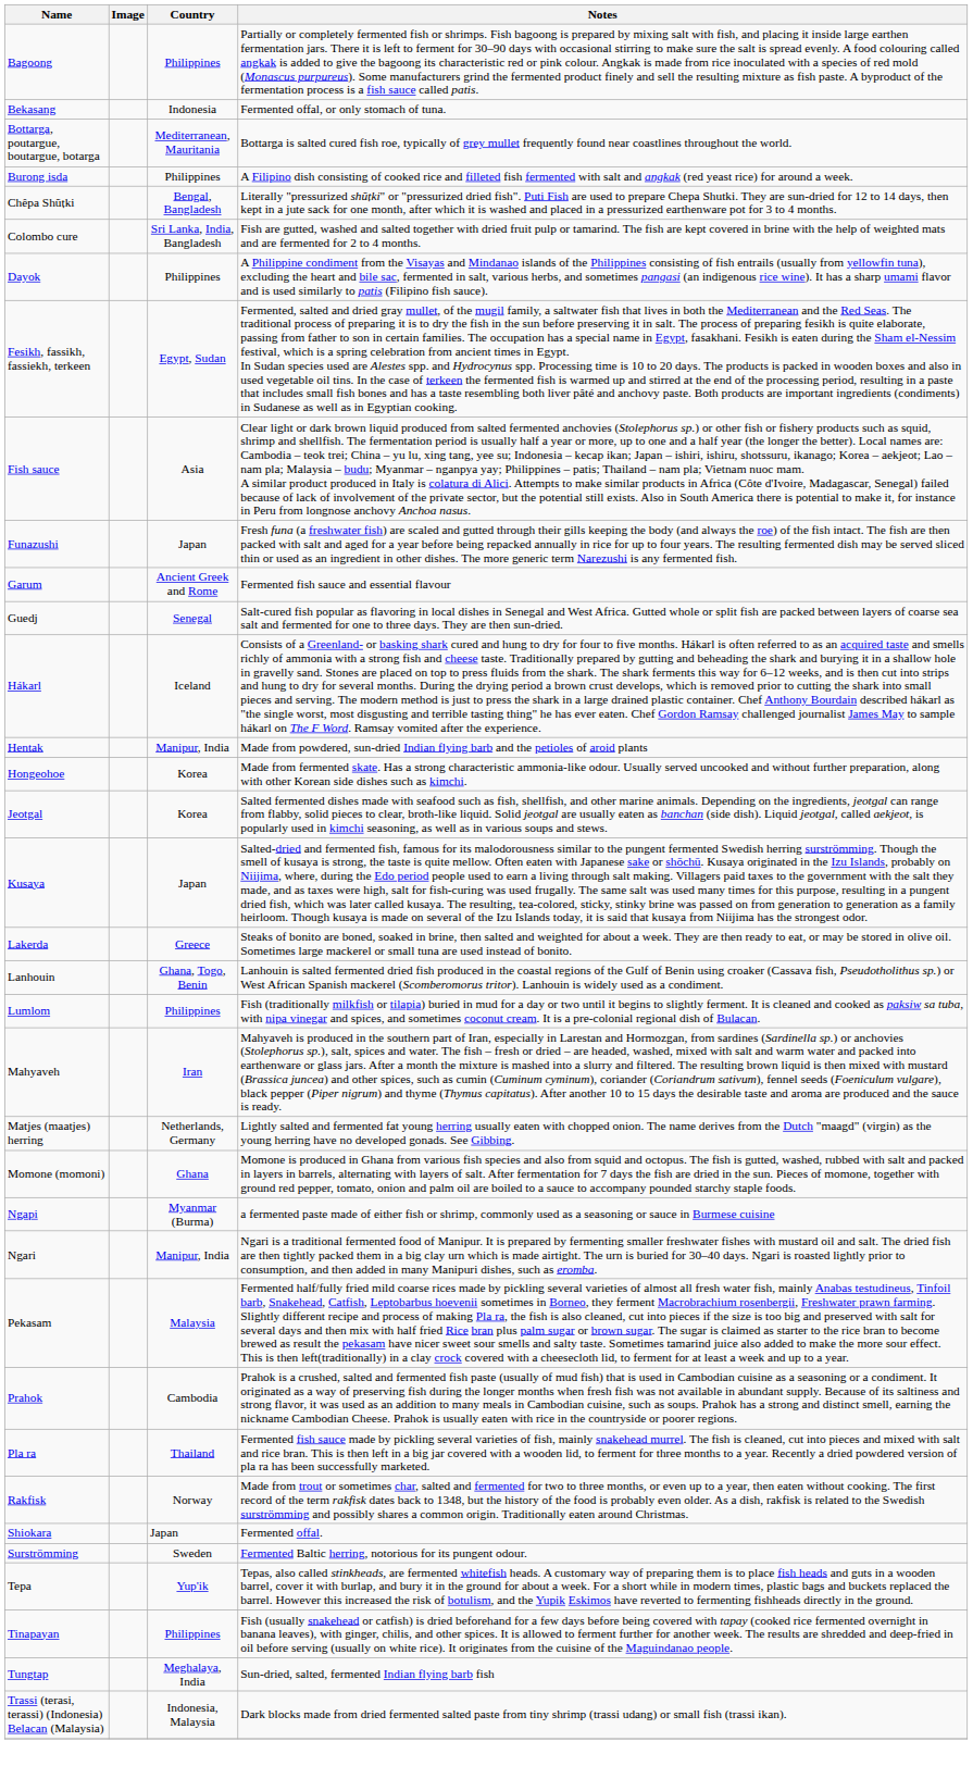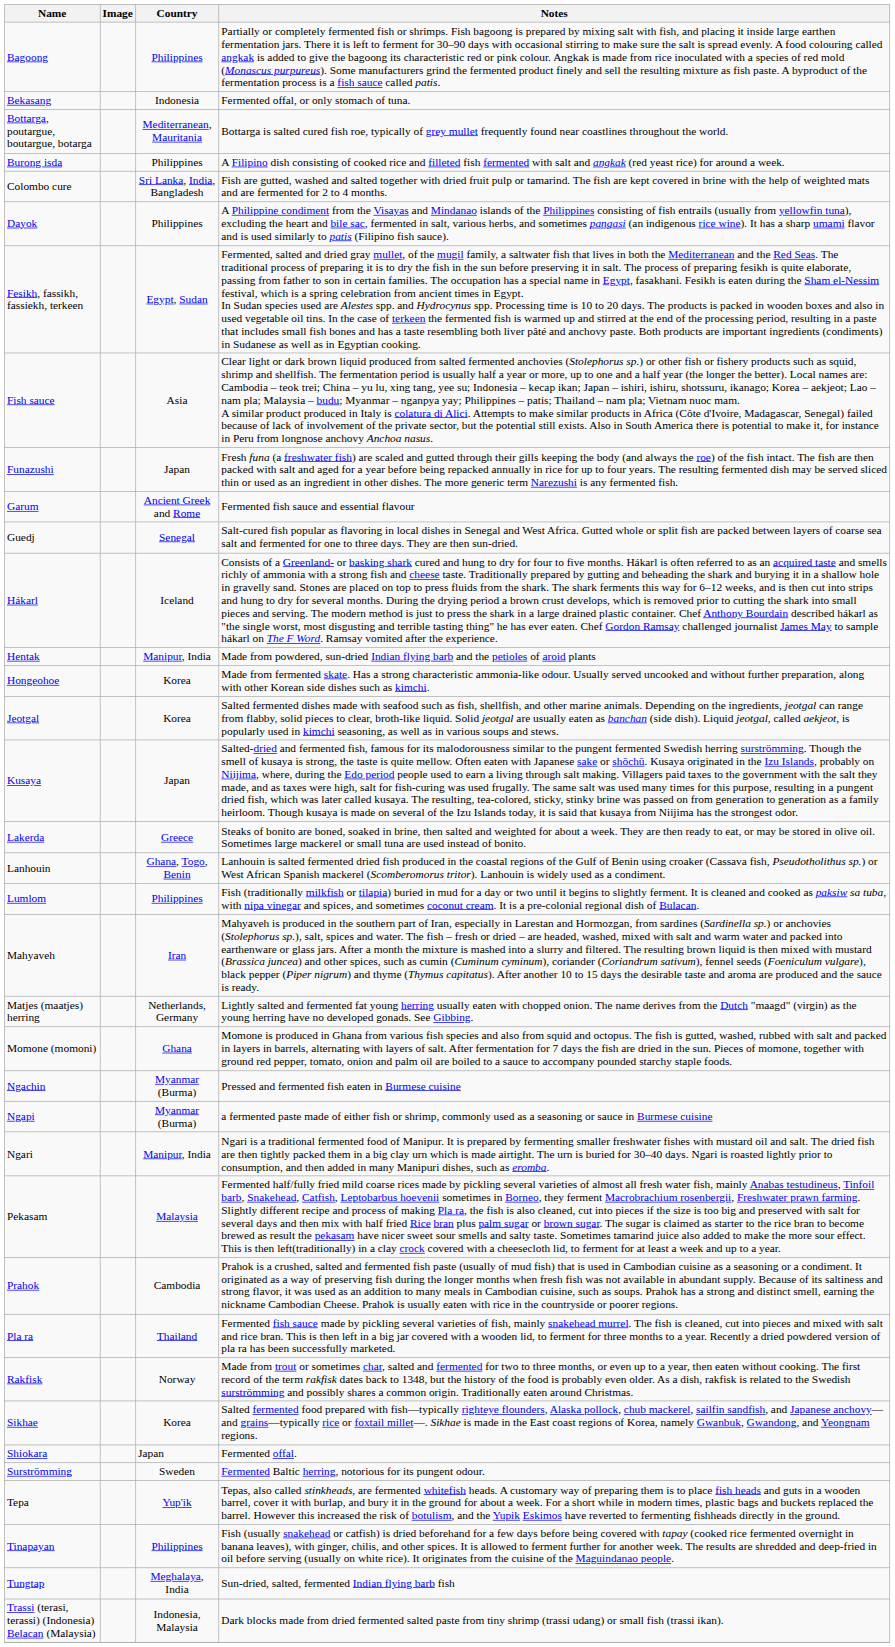 <table class="wikitable sortable">
 <tr>
 <th>Name</th>
 <th>Image</th>
 <th>Country</th>
 <th>Notes</th>
 </tr>
 <tr>
 <td><a href='#'>Bagoong</a></td>
 <td></td>
 <td align=center><a href='#'>Philippines</a></td>
 <td>Partially or completely fermented fish or shrimps. Fish bagoong is prepared by mixing salt with fish, and placing it inside large earthen fermentation jars. There it is left to ferment for 30–90 days with occasional stirring to make sure the salt is spread evenly. A food colouring called <a href='#'>angkak</a> is added to give the bagoong its characteristic red or pink colour. Angkak is made from rice inoculated with a species of red mold (<em><a href='#'>Monascus purpureus</a></em>). Some manufacturers grind the fermented product finely and sell the resulting mixture as fish paste. A byproduct of the fermentation process is a <a href='#'>fish sauce</a> called <em>patis</em>.</td>
 </tr>
 <tr>
 <td><a href='#'>Bekasang</a></td>
 <td></td>
 <td align=center>Indonesia</td>
 <td>Fermented offal, or only stomach of tuna.</td>
 </tr>
 <tr>
 <td><a href='#'>Bottarga</a>, poutargue, boutargue, botarga</td>
 <td></td>
 <td align=center><a href='#'>Mediterranean</a>, <a href='#'>Mauritania</a></td>
 <td>Bottarga is salted cured fish roe, typically of <a href='#'>grey mullet</a> frequently found near coastlines throughout the world.</td>
 </tr>
 <tr>
 <td><a href='#'>Burong isda</a></td>
 <td></td>
 <td align=center>Philippines</td>
 <td>A <a href='#'>Filipino</a> dish consisting of cooked rice and <a href='#'>filleted</a> fish <a href='#'>fermented</a> with salt and <em><a href='#'>angkak</a></em> (red yeast rice) for around a week.</td>
-</tr>
-<tr>
-<td>Chêpa Shũṭki</td>
-<td></td>
-<td align=center><a href='#'>Bengal</a>, <a href='#'>Bangladesh</a></td>
-<td>Literally "pressurized <em>shũṭki</em>" or "pressurized dried fish". <a href='#'>Puti Fish</a> are used to prepare Chepa Shutki. They are sun-dried for 12 to 14 days, then kept in a jute sack for one month, after which it is washed and placed in a pressurized earthenware pot for 3 to 4 months.</td>
 </tr>
 <tr>
 <td>Colombo cure</td>
 <td></td>
 <td align=center><a href='#'>Sri Lanka</a>, <a href='#'>India</a>, Bangladesh</td>
 <td>Fish are gutted, washed and salted together with dried fruit pulp or tamarind. The fish are kept covered in brine with the help of weighted mats and are fermented for 2 to 4 months.</td>
 </tr>
 <tr>
 <td><a href='#'>Dayok</a></td>
 <td></td>
 <td align=center>Philippines</td>
 <td>A <a href='#'>Philippine condiment</a> from the <a href='#'>Visayas</a> and <a href='#'>Mindanao</a> islands of the <a href='#'>Philippines</a> consisting of fish entrails (usually from <a href='#'>yellowfin tuna</a>), excluding the heart and <a href='#'>bile sac</a>, fermented in salt, various herbs, and sometimes <em><a href='#'>pangasi</a></em> (an indigenous <a href='#'>rice wine</a>). It has a sharp <a href='#'>umami</a> flavor and is used similarly to <em><a href='#'>patis</a></em> (Filipino fish sauce).</td>
 </tr>
 <tr>
 <td><a href='#'>Fesikh</a>, fassikh, fassiekh, terkeen</td>
 <td></td>
 <td align=center><a href='#'>Egypt</a>, <a href='#'>Sudan</a></td>
 <td>Fermented, salted and dried gray <a href='#'>mullet</a>, of the <a href='#'>mugil</a> family, a saltwater fish that lives in both the <a href='#'>Mediterranean</a> and the <a href='#'>Red Seas</a>. The traditional process of preparing it is to dry the fish in the sun before preserving it in salt. The process of preparing fesikh is quite elaborate, passing from father to son in certain families. The occupation has a special name in <a href='#'>Egypt</a>, fasakhani. Fesikh is eaten during the <a href='#'>Sham el-Nessim</a> festival, which is a spring celebration from ancient times in Egypt.<br>In Sudan species used are <em>Alestes</em> spp. and <em>Hydrocynus</em> spp. Processing time is 10 to 20 days. The products is packed in wooden boxes and also in used vegetable oil tins. In the case of <a href='#'>terkeen</a> the fermented fish is warmed up and stirred at the end of the processing period, resulting in a paste that includes small fish bones and has a taste resembling both liver pâté and anchovy paste. Both products are important ingredients (condiments) in Sudanese as well as in Egyptian cooking.</td>
 </tr>
 <tr>
 <td><a href='#'>Fish sauce</a></td>
 <td></td>
 <td align=center>Asia</td>
 <td>Clear light or dark brown liquid produced from salted fermented anchovies (<em>Stolephorus sp.</em>) or other fish or fishery products such as squid, shrimp and shellfish. The fermentation period is usually half a year or more, up to one and a half year (the longer the better). Local names are: Cambodia – teok trei; China – yu lu, xing tang, yee su; Indonesia – kecap ikan; Japan – ishiri, ishiru, shotssuru, ikanago; Korea – aekjeot; Lao – nam pla; Malaysia – <a href='#'>budu</a>; Myanmar – nganpya yay; Philippines – patis; Thailand – nam pla; Vietnam  nuoc mam.<br>A similar product produced in Italy is <a href='#'>colatura di Alici</a>. Attempts to make similar products in Africa (Côte d'Ivoire, Madagascar, Senegal) failed because of lack of involvement of the private sector, but the potential still exists. Also in South America there is potential to make it, for instance in Peru from longnose anchovy <em>Anchoa nasus</em>.</td>
 </tr>
 <tr>
 <td><a href='#'>Funazushi</a></td>
 <td></td>
 <td align=center>Japan</td>
 <td>Fresh <em>funa</em> (a <a href='#'>freshwater fish</a>) are scaled and gutted through their gills keeping the body (and always the <a href='#'>roe</a>) of the fish intact. The fish are then packed with salt and aged for a year before being repacked annually in rice for up to four years. The resulting fermented dish may be served sliced thin or used as an ingredient in other dishes. The more generic term <a href='#'>Narezushi</a> is any fermented fish.</td>
 </tr>
 <tr>
 <td><a href='#'>Garum</a></td>
 <td></td>
 <td align=center><a href='#'>Ancient Greek</a> and <a href='#'>Rome</a></td>
 <td>Fermented fish sauce and essential flavour</td>
 </tr>
 <tr>
 <td>Guedj</td>
 <td></td>
 <td align=center><a href='#'>Senegal</a></td>
 <td>Salt-cured fish popular as flavoring in local dishes in Senegal and West Africa. Gutted whole or split fish are packed between layers of coarse sea salt and fermented for one to three days. They are then sun-dried.</td>
 </tr>
 <tr>
 <td><a href='#'>Hákarl</a></td>
 <td></td>
 <td align=center>Iceland</td>
 <td>Consists of a <a href='#'>Greenland-</a> or <a href='#'>basking shark</a> cured and hung to dry for four to five months. Hákarl is often referred to as an <a href='#'>acquired taste</a> and smells richly of ammonia with a strong fish and <a href='#'>cheese</a> taste. Traditionally prepared by gutting and beheading the shark and burying it in a shallow hole in gravelly sand. Stones are placed on top to press fluids from the shark. The shark ferments this way for 6–12 weeks, and is then cut into strips and hung to dry for several months. During the drying period a brown crust develops, which is removed prior to cutting the shark into small pieces and serving. The modern method is just to press the shark in a large drained plastic container. Chef <a href='#'>Anthony Bourdain</a> described hákarl as "the single worst, most disgusting and terrible tasting thing" he has ever eaten. Chef <a href='#'>Gordon Ramsay</a> challenged journalist <a href='#'>James May</a> to sample hákarl on <em><a href='#'>The F Word</a></em>. Ramsay vomited after the experience.</td>
 </tr>
 <tr>
 <td><a href='#'>Hentak</a></td>
 <td></td>
 <td align=center><a href='#'>Manipur</a>, India</td>
 <td>Made from powdered, sun-dried <a href='#'>Indian flying barb</a> and the <a href='#'>petioles</a> of <a href='#'>aroid</a> plants</td>
 </tr>
 <tr>
 <td><a href='#'>Hongeohoe</a></td>
 <td></td>
 <td align=center>Korea</td>
 <td>Made from fermented <a href='#'>skate</a>. Has a strong characteristic ammonia-like odour. Usually served uncooked and without further preparation, along with other Korean side dishes such as <a href='#'>kimchi</a>.</td>
 </tr>
 <tr>
 <td><a href='#'>Jeotgal</a></td>
 <td></td>
 <td align=center>Korea</td>
 <td>Salted fermented dishes made with seafood such as fish, shellfish, and other marine animals. Depending on the ingredients, <em>jeotgal</em> can range from flabby, solid pieces to clear, broth-like liquid. Solid <em>jeotgal</em> are usually eaten as <em><a href='#'>banchan</a></em> (side dish). Liquid <em>jeotgal</em>, called <em>aekjeot</em>, is popularly used in <a href='#'>kimchi</a> seasoning, as well as in various soups and stews.</td>
 </tr>
 <tr>
 <td><a href='#'>Kusaya</a></td>
 <td></td>
 <td align=center>Japan</td>
 <td>Salted-<a href='#'>dried</a> and fermented fish, famous for its malodorousness similar to the pungent fermented Swedish herring <a href='#'>surströmming</a>. Though the smell of kusaya is strong, the taste is quite mellow. Often eaten with Japanese <a href='#'>sake</a> or <a href='#'>shōchū</a>. Kusaya originated in the <a href='#'>Izu Islands</a>, probably on <a href='#'>Niijima</a>, where, during the <a href='#'>Edo period</a> people used to earn a living through salt making. Villagers paid taxes to the government with the salt they made, and as taxes were high, salt for fish-curing was used frugally. The same salt was used many times for this purpose, resulting in a pungent dried fish, which was later called kusaya. The resulting, tea-colored, sticky, stinky brine was passed on from generation to generation as a family heirloom. Though kusaya is made on several of the Izu Islands today, it is said that kusaya from Niijima has the strongest odor.</td>
 </tr>
 <tr>
 <td><a href='#'>Lakerda</a></td>
 <td></td>
 <td align=center><a href='#'>Greece</a></td>
 <td>Steaks of bonito are boned, soaked in brine, then salted and weighted for about a week. They are then ready to eat, or may be stored in olive oil. Sometimes large mackerel or small tuna are used instead of bonito.</td>
 </tr>
 <tr>
 <td>Lanhouin</td>
 <td></td>
 <td align=center><a href='#'>Ghana</a>, <a href='#'>Togo</a>, <a href='#'>Benin</a></td>
 <td>Lanhouin is salted fermented dried fish produced in the coastal regions of the Gulf of Benin using croaker (Cassava fish, <em>Pseudotholithus sp.</em>) or West African Spanish mackerel (<em>Scomberomorus tritor</em>). Lanhouin is widely used as a condiment.</td>
 </tr>
 <tr>
 <td><a href='#'>Lumlom</a></td>
 <td></td>
 <td align=center><a href='#'>Philippines</a></td>
 <td>Fish (traditionally <a href='#'>milkfish</a> or <a href='#'>tilapia</a>) buried in mud for a day or two until it begins to slightly ferment. It is cleaned and cooked as <em><a href='#'>paksiw</a> sa tuba</em>, with <a href='#'>nipa vinegar</a> and spices, and sometimes <a href='#'>coconut cream</a>. It is a pre-colonial regional dish of <a href='#'>Bulacan</a>.</td>
 </tr>
 <tr>
 <td>Mahyaveh</td>
 <td></td>
 <td align=center><a href='#'>Iran</a></td>
 <td>Mahyaveh is produced in the southern part of Iran, especially in Larestan and Hormozgan, from sardines (<em>Sardinella sp.</em>) or anchovies (<em>Stolephorus sp.</em>), salt, spices and water. The fish – fresh or dried – are headed, washed, mixed with salt and warm water and packed into earthenware or glass jars. After a month the mixture is mashed into a slurry and filtered. The resulting brown liquid is then mixed with mustard (<em>Brassica juncea</em>) and other spices, such as cumin (<em>Cuminum cyminum</em>), coriander (<em>Coriandrum sativum</em>), fennel seeds (<em>Foeniculum vulgare</em>), black pepper (<em>Piper nigrum</em>) and thyme (<em>Thymus capitatus</em>). After another 10 to 15 days the desirable taste and aroma are produced and the sauce is ready.</td>
 </tr>
 <tr>
 <td>Matjes (maatjes) herring</td>
 <td></td>
 <td align=center>Netherlands, Germany</td>
 <td>Lightly salted and fermented fat young <a href='#'>herring</a> usually eaten with chopped onion. The name derives from the <a href='#'>Dutch</a> "maagd" (virgin) as the young herring have no developed gonads. See <a href='#'>Gibbing</a>.</td>
 </tr>
 <tr>
 <td>Momone (momoni)</td>
 <td></td>
 <td align=center><a href='#'>Ghana</a></td>
 <td>Momone is produced in Ghana from various fish species and also from squid and octopus. The fish is gutted, washed, rubbed with salt and packed in layers in barrels, alternating with layers of salt. After fermentation for 7 days the fish are dried in the sun. Pieces of momone, together with ground red pepper, tomato, onion and palm oil are boiled to a sauce to accompany pounded starchy staple foods.</td>
 </tr>
 <tr>
+<td><a href='#'>Ngachin</a></td>
+<td></td>
+<td align=center><a href='#'>Myanmar</a> (Burma)</td>
+<td>Pressed and fermented fish eaten in <a href='#'>Burmese cuisine</a></td>
+</tr>
+<tr>
 <td><a href='#'>Ngapi</a></td>
 <td></td>
 <td align=center><a href='#'>Myanmar</a> (Burma)</td>
 <td>a fermented paste made of either fish or shrimp, commonly used as a seasoning or sauce in <a href='#'>Burmese cuisine</a></td>
 </tr>
 <tr>
 <td>Ngari</td>
 <td></td>
 <td align=center><a href='#'>Manipur</a>, India</td>
 <td>Ngari is a traditional fermented food of Manipur. It is prepared by fermenting smaller freshwater fishes with mustard oil and salt. The dried fish are then tightly packed them in a big clay urn which is made airtight. The urn is buried for 30–40 days. Ngari is roasted lightly prior to consumption, and then added in many Manipuri dishes, such as <em><a href='#'>eromba</a></em>.</td>
 </tr>
 <tr>
 <td>Pekasam</td>
 <td></td>
 <td align=center><a href='#'>Malaysia</a></td>
 <td>Fermented half/fully fried mild coarse rices made by pickling several varieties of almost all fresh water fish, mainly <a href='#'>Anabas testudineus</a>, <a href='#'>Tinfoil barb</a>, <a href='#'>Snakehead</a>, <a href='#'>Catfish</a>, <a href='#'>Leptobarbus hoevenii</a> sometimes in <a href='#'>Borneo</a>, they ferment <a href='#'>Macrobrachium rosenbergii</a>, <a href='#'>Freshwater prawn farming</a>. Slightly different recipe and process of making <a href='#'>Pla ra</a>, the fish is also cleaned, cut into pieces if the size is too big and preserved with salt for several days and then mix with half fried <a href='#'>Rice</a> <a href='#'>bran</a> plus <a href='#'>palm sugar</a> or <a href='#'>brown sugar</a>. The sugar is claimed as starter to the rice bran to become brewed as result the <a href='#'>pekasam</a> have nicer sweet sour smells and salty taste. Sometimes tamarind juice also added to make the more sour effect. This is then left(traditionally) in a clay <a href='#'>crock</a>  covered with a cheesecloth lid, to ferment for at least a week and up to a year.</td>
 </tr>
 <tr>
 <td><a href='#'>Prahok</a></td>
 <td></td>
 <td align=center>Cambodia</td>
 <td>Prahok is a crushed, salted and fermented fish paste (usually of mud fish) that is used in Cambodian cuisine as a seasoning or a condiment. It originated as a way of preserving fish during the longer months when fresh fish was not available in abundant supply. Because of its saltiness and strong flavor, it was used as an addition to many meals in Cambodian cuisine, such as soups. Prahok has a strong and distinct smell, earning the nickname Cambodian Cheese. Prahok is usually eaten with rice in the countryside or poorer regions.</td>
 </tr>
 <tr>
 <td><a href='#'>Pla ra</a></td>
 <td></td>
 <td align=center><a href='#'>Thailand</a></td>
 <td>Fermented <a href='#'>fish sauce</a> made by pickling several varieties of fish, mainly <a href='#'>snakehead murrel</a>. The fish is cleaned, cut into pieces and mixed with salt and rice bran. This is then left in a big jar covered with a wooden lid, to ferment for three months to a year. Recently a dried powdered version of pla ra has been successfully marketed.</td>
 </tr>
 <tr>
 <td><a href='#'>Rakfisk</a></td>
 <td></td>
 <td align=center>Norway</td>
 <td>Made from <a href='#'>trout</a> or sometimes <a href='#'>char</a>, salted and <a href='#'>fermented</a> for two to three months, or even up to a year, then eaten without cooking. The first record of the term <em>rakfisk</em> dates back to 1348, but the history of the food is probably even older. As a dish, rakfisk is related to the Swedish <a href='#'>surströmming</a> and possibly shares a common origin. Traditionally eaten around Christmas.</td>
+</tr>
+<tr>
+<td><a href='#'>Sikhae</a></td>
+<td></td>
+<td align=center>Korea</td>
+<td>Salted <a href='#'>fermented</a> food prepared with fish—typically <a href='#'>righteye flounders</a>, <a href='#'>Alaska pollock</a>, <a href='#'>chub mackerel</a>, <a href='#'>sailfin sandfish</a>, and <a href='#'>Japanese anchovy</a>— and <a href='#'>grains</a>—typically <a href='#'>rice</a> or <a href='#'>foxtail millet</a>—. <em>Sikhae</em> is made in the East coast regions of Korea, namely <a href='#'>Gwanbuk</a>, <a href='#'>Gwandong</a>, and <a href='#'>Yeongnam</a> regions.</td>
 </tr>
 <tr>
 <td><a href='#'>Shiokara</a></td>
 <td></td>
 <td>Japan</td>
 <td>Fermented <a href='#'>offal</a>.</td>
 </tr>
 <tr>
 <td><a href='#'>Surströmming</a></td>
 <td></td>
 <td align="center">Sweden</td>
 <td><a href='#'>Fermented</a> Baltic <a href='#'>herring</a>, notorious for its pungent odour.</td>
 </tr>
 <tr>
 <td>Tepa</td>
 <td></td>
 <td align=center><a href='#'>Yup'ik</a></td>
 <td>Tepas, also called <em>stinkheads</em>, are fermented <a href='#'>whitefish</a> heads.  A customary way of preparing them is to place <a href='#'>fish heads</a> and guts in a wooden barrel, cover it with burlap, and bury it in the ground for about a week.  For a short while in modern times, plastic bags and buckets replaced the barrel. However this increased the risk of <a href='#'>botulism</a>, and the <a href='#'>Yupik</a> <a href='#'>Eskimos</a> have reverted to fermenting fishheads directly in the ground.</td>
 </tr>
 <tr>
 <td><a href='#'>Tinapayan</a></td>
 <td></td>
 <td align=center><a href='#'>Philippines</a></td>
 <td>Fish (usually <a href='#'>snakehead</a> or catfish) is dried beforehand for a few days before being covered with <em>tapay</em> (cooked rice fermented overnight in banana leaves), with ginger, chilis, and other spices. It is allowed to ferment further for another week. The results are shredded and deep-fried in oil before serving (usually on white rice). It originates from the cuisine of the <a href='#'>Maguindanao people</a>.</td>
 </tr>
 <tr>
 <td><a href='#'>Tungtap</a></td>
 <td></td>
 <td align=center><a href='#'>Meghalaya</a>, India</td>
 <td>Sun-dried, salted, fermented <a href='#'>Indian flying barb</a> fish</td>
 </tr>
 <tr>
 <td><a href='#'>Trassi</a> (terasi, terassi) (Indonesia) <a href='#'>Belacan</a> (Malaysia)</td>
 <td></td>
 <td align=center>Indonesia, Malaysia</td>
 <td>Dark blocks made from dried fermented salted paste from tiny shrimp (trassi udang) or small fish (trassi ikan).</td>
 </tr>
 <tr>
 </tr>
 </table>
